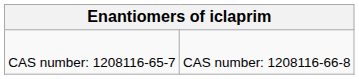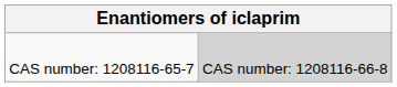 <table class="wikitable" style="text-align:center">
 <tr class="hintergrundfarbe6">
 <th colspan="2">Enantiomers of iclaprim</th>
 </tr>
 <tr>
 <td><br><small> CAS number: 1208116-65-7</small></td>
-<td><br><small> CAS number: 1208116-66-8</small></td>
+<td style="background: lightgrey;"><br><small> CAS number: 1208116-66-8</small></td>
 </tr>
 </table>
